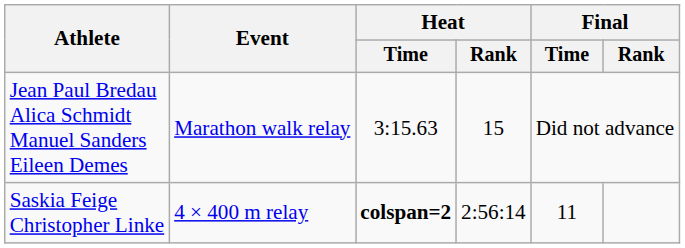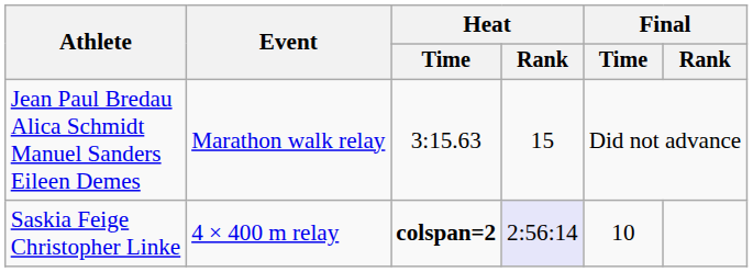 <table class=wikitable style="font-size:90%; text-align:center">
 <tr>
 <th rowspan=2>Athlete</th>
 <th rowspan=2>Event</th>
 <th colspan=2>Heat</th>
 <th colspan=2>Final</th>
 </tr>
 <tr style=font-size:95%>
 <th>Time</th>
 <th>Rank</th>
 <th>Time</th>
 <th>Rank</th>
 </tr>
 <tr align=center>
 <td align=left><a href='#'>Jean Paul Bredau</a><br><a href='#'>Alica Schmidt</a><br><a href='#'>Manuel Sanders</a><br><a href='#'>Eileen Demes</a></td>
 <td align=left><a href='#'>Marathon walk relay</a></td>
 <td>3:15.63</td>
 <td>15</td>
 <td colspan=2>Did not advance</td>
 </tr>
 <tr>
 <td align=left><a href='#'>Saskia Feige</a><br><a href='#'>Christopher Linke</a></td>
 <td align=left><a href='#'>4 × 400 m relay</a></td>
 <td><strong>colspan=2</strong></td>
-<td>2:56:14</td>
-<td>11</td>
+<td style="background: lavender;">2:56:14</td>
+<td>10</td>
 </tr>
 </table>
